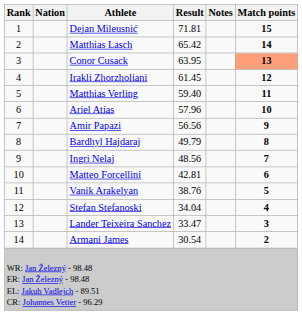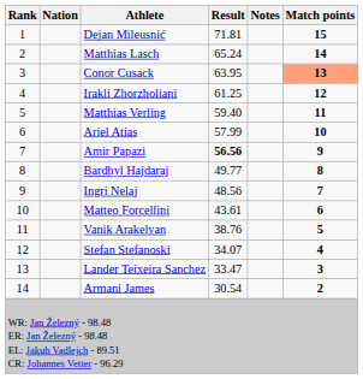 <table class="wikitable sortable" style="text-align:left;">
 <tr>
 <th>Rank</th>
 <th>Nation</th>
 <th>Athlete</th>
 <th>Result</th>
 <th>Notes</th>
 <th>Match points</th>
 </tr>
 <tr>
 <td align=center>1</td>
 <td></td>
 <td><a href='#'>Dejan Mileusnić</a></td>
 <td align=center>71.81</td>
 <td></td>
 <td align=center><strong>15</strong></td>
 </tr>
 <tr>
 <td align=center>2</td>
 <td></td>
 <td><a href='#'>Matthias Lasch</a></td>
-<td align=center>65.42</td>
+<td align=center>65.24</td>
 <td align=center></td>
 <td align=center><strong>14</strong></td>
 </tr>
 <tr>
 <td align=center>3</td>
 <td></td>
 <td><a href='#'>Conor Cusack</a></td>
 <td align=center>63.95</td>
 <td></td>
 <td align=center style="background: lightsalmon;"><strong>13</strong></td>
 </tr>
 <tr>
 <td align=center>4</td>
 <td></td>
 <td><a href='#'>Irakli Zhorzholiani</a></td>
-<td align=center>61.45</td>
+<td align=center>61.25</td>
 <td align=center></td>
 <td align=center><strong>12</strong></td>
 </tr>
 <tr>
 <td align=center>5</td>
 <td></td>
 <td><a href='#'>Matthias Verling</a></td>
 <td align=center>59.40</td>
 <td></td>
 <td align=center><strong>11</strong></td>
 </tr>
 <tr>
 <td align=center>6</td>
 <td></td>
 <td><a href='#'>Ariel Atias</a></td>
-<td align=center>57.96</td>
+<td align=center>57.99</td>
 <td></td>
 <td align=center><strong>10</strong></td>
 </tr>
 <tr>
 <td align=center>7</td>
 <td></td>
 <td><a href='#'>Amir Papazi</a></td>
-<td align=center>56.56</td>
+<td align=center><strong>56.56</strong></td>
 <td></td>
 <td align=center><strong>9</strong></td>
 </tr>
 <tr>
 <td align=center>8</td>
 <td></td>
 <td><a href='#'>Bardhyl Hajdaraj</a></td>
-<td align=center>49.79</td>
+<td align=center>49.77</td>
 <td align=center></td>
 <td align=center><strong>8</strong></td>
 </tr>
 <tr>
 <td align=center>9</td>
 <td></td>
 <td><a href='#'>Ingri Nelaj</a></td>
 <td align=center>48.56</td>
 <td align=center></td>
 <td align=center><strong>7</strong></td>
 </tr>
 <tr>
 <td align=center>10</td>
 <td></td>
 <td><a href='#'>Matteo Forcellini</a></td>
-<td align=center>42.81</td>
+<td align=center>43.61</td>
 <td align=center></td>
 <td align=center><strong>6</strong></td>
 </tr>
 <tr>
 <td align=center>11</td>
 <td></td>
 <td><a href='#'>Vanik Arakelyan</a></td>
 <td align=center>38.76</td>
 <td align=center></td>
 <td align=center><strong>5</strong></td>
 </tr>
 <tr>
 <td align=center>12</td>
 <td></td>
 <td><a href='#'>Stefan Stefanoski</a></td>
-<td align=center>34.04</td>
+<td align=center>34.07</td>
 <td align=center></td>
 <td align=center><strong>4</strong></td>
 </tr>
 <tr>
 <td align=center>13</td>
 <td></td>
 <td><a href='#'>Lander Teixeira Sanchez</a></td>
 <td align=center>33.47</td>
 <td align=center></td>
 <td align=center><strong>3</strong></td>
 </tr>
 <tr>
 <td align=center>14</td>
 <td></td>
 <td><a href='#'>Armani James</a></td>
 <td align=center>30.54</td>
 <td align=center></td>
 <td align=center><strong>2</strong></td>
 </tr>
 <tr>
 <td colspan="6" bgcolor="#cccccc"><br> <small>WR:   <a href='#'>Jan Železný</a> - 98.48<br>ER:  <a href='#'>Jan Železný</a> - 98.48<br></small> <small>EL:   <a href='#'>Jakub Vadlejch</a> - 89.51<br>CR:  <a href='#'>Johannes Vetter</a> - 96.29</small></td>
 </tr>
 </table>
